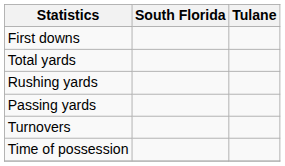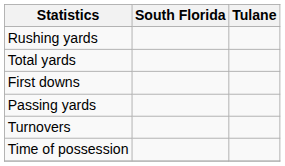 <table class="wikitable">
 <tr>
 <th>Statistics</th>
 <th>South Florida</th>
 <th>Tulane</th>
 </tr>
 <tr>
-<td>First downs</td>
+<td>Rushing yards</td>
 <td> </td>
 <td> </td>
 </tr>
 <tr>
 <td>Total yards</td>
 <td> </td>
 <td> </td>
 </tr>
 <tr>
-<td>Rushing yards</td>
+<td>First downs</td>
 <td> </td>
 <td> </td>
 </tr>
 <tr>
 <td>Passing yards</td>
 <td> </td>
 <td> </td>
 </tr>
 <tr>
 <td>Turnovers</td>
 <td> </td>
 <td> </td>
 </tr>
 <tr>
 <td>Time of possession</td>
 <td> </td>
 <td> </td>
 </tr>
 <tr>
 </tr>
 </table>
